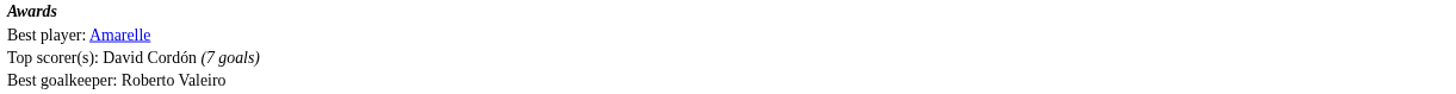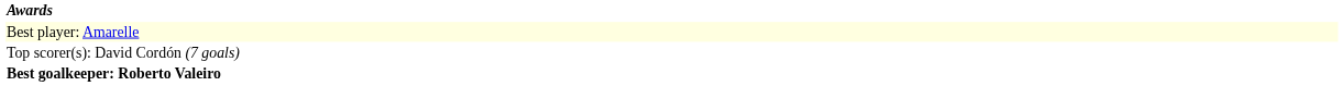 <table width=100% cellspacing=1 style="font-size: 90%;">
 <tr>
 <td><strong><em>Awards</em></strong></td>
 </tr>
 <tr>
-<td>Best player:  <a href='#'>Amarelle</a></td>
+<td style="background: lightyellow;">Best player:  <a href='#'>Amarelle</a></td>
 </tr>
 <tr>
 <td colspan=4>Top scorer(s):  David Cordón <em>(7 goals)</em></td>
 </tr>
 <tr>
-<td>Best goalkeeper:  Roberto Valeiro</td>
+<td><strong>Best goalkeeper:  Roberto Valeiro</strong></td>
 </tr>
 </table>
